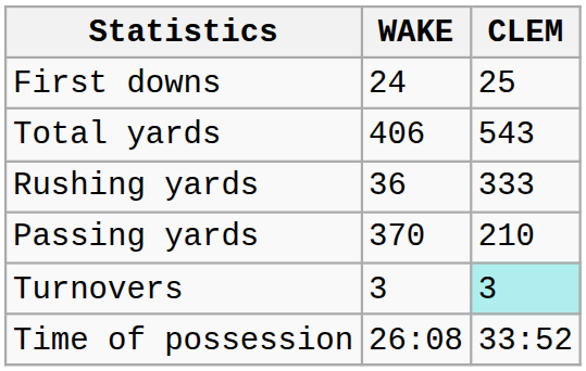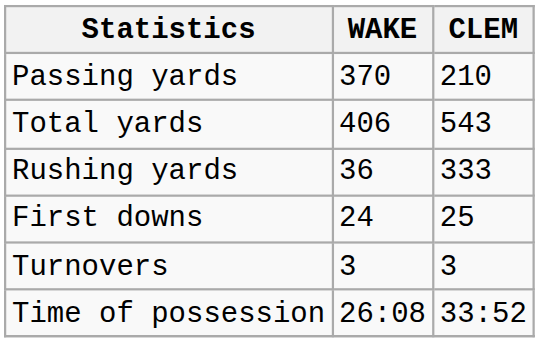 <table class="wikitable" style="float: left;">
 <tr>
 <th>Statistics</th>
 <th>WAKE</th>
 <th>CLEM</th>
 </tr>
 <tr>
-<td>First downs</td>
-<td>24</td>
-<td>25</td>
+<td>Passing yards</td>
+<td>370</td>
+<td>210</td>
 </tr>
 <tr>
 <td>Total yards</td>
 <td>406</td>
 <td>543</td>
 </tr>
 <tr>
 <td>Rushing yards</td>
 <td>36</td>
 <td>333</td>
 </tr>
 <tr>
-<td>Passing yards</td>
-<td>370</td>
-<td>210</td>
+<td>First downs</td>
+<td>24</td>
+<td>25</td>
 </tr>
 <tr>
 <td>Turnovers</td>
 <td>3</td>
-<td style="background: paleturquoise;">3</td>
+<td>3</td>
 </tr>
 <tr>
 <td>Time of possession</td>
 <td>26:08</td>
 <td>33:52</td>
 </tr>
 <tr>
 </tr>
 </table>
